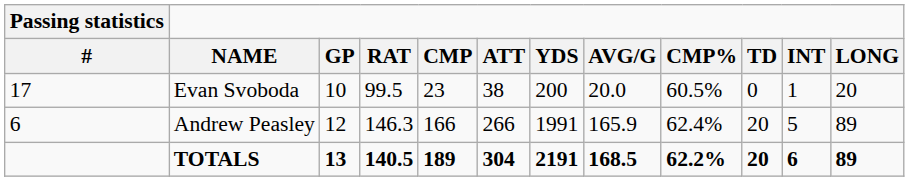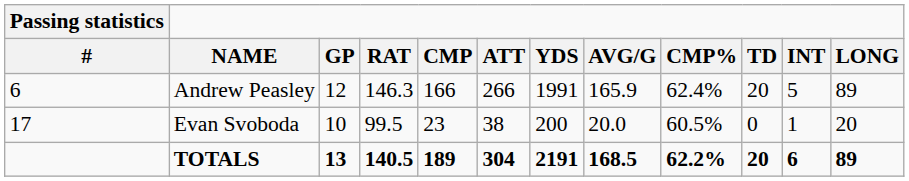 <table class="wikitable collapsible">
 <tr>
 <th style="text-align:center; ">Passing statistics</th>
 </tr>
 <tr>
 <th>#</th>
 <th>NAME</th>
 <th>GP</th>
 <th>RAT</th>
 <th>CMP</th>
 <th>ATT</th>
 <th>YDS</th>
 <th>AVG/G</th>
 <th>CMP%</th>
 <th>TD</th>
 <th>INT</th>
 <th>LONG</th>
 </tr>
 <tr>
+<td>6</td>
+<td>Andrew Peasley</td>
+<td>12</td>
+<td>146.3</td>
+<td>166</td>
+<td>266</td>
+<td>1991</td>
+<td>165.9</td>
+<td>62.4%</td>
+<td>20</td>
+<td>5</td>
+<td>89</td>
+</tr>
+<tr>
 <td>17</td>
 <td>Evan Svoboda</td>
 <td>10</td>
 <td>99.5</td>
 <td>23</td>
 <td>38</td>
 <td>200</td>
 <td>20.0</td>
 <td>60.5%</td>
 <td>0</td>
 <td>1</td>
 <td>20</td>
-</tr>
-<tr>
-<td>6</td>
-<td>Andrew Peasley</td>
-<td>12</td>
-<td>146.3</td>
-<td>166</td>
-<td>266</td>
-<td>1991</td>
-<td>165.9</td>
-<td>62.4%</td>
-<td>20</td>
-<td>5</td>
-<td>89</td>
 </tr>
 <tr>
 <td></td>
 <td><strong>TOTALS</strong></td>
 <td><strong>13</strong></td>
 <td><strong>140.5</strong></td>
 <td><strong>189</strong></td>
 <td><strong>304</strong></td>
 <td><strong>2191</strong></td>
 <td><strong>168.5</strong></td>
 <td><strong>62.2%</strong></td>
 <td><strong>20</strong></td>
 <td><strong>6</strong></td>
 <td><strong>89</strong></td>
 </tr>
 </table>
